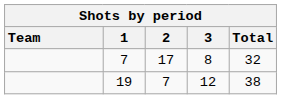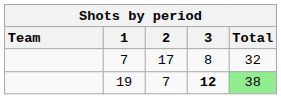 <table class="wikitable" style="width:20em; text-align:right;">
 <tr>
 <th colspan=6>Shots by period</th>
 </tr>
 <tr>
 <th style="width:8em; text-align:left;">Team</th>
 <th style="width:3em;">1</th>
 <th style="width:3em;">2</th>
 <th style="width:3em;">3</th>
 <th style="width:3em;">Total</th>
 </tr>
 <tr>
 <td style="text-align:left;"></td>
 <td align=center>7</td>
 <td align=center>17</td>
 <td align=center>8</td>
 <td align=center>32</td>
 </tr>
 <tr>
 <td style="text-align:left;"></td>
 <td align=center>19</td>
 <td align=center>7</td>
-<td align=center>12</td>
-<td align=center>38</td>
+<td align=center><strong>12</strong></td>
+<td align=center style="background: lightgreen;">38</td>
 </tr>
 </table>
